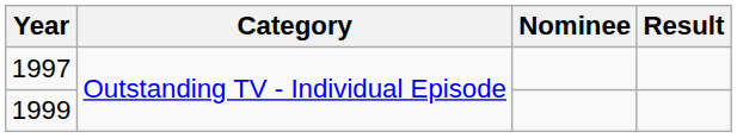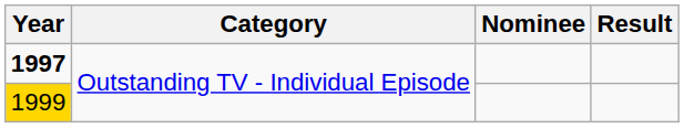 <table class="wikitable">
 <tr>
 <th>Year</th>
 <th>Category</th>
 <th>Nominee</th>
 <th>Result</th>
 </tr>
 <tr>
-<td>1997</td>
+<td><strong>1997</strong></td>
 <td rowspan=2><a href='#'>Outstanding TV - Individual Episode</a></td>
 <td></td>
 <td></td>
 </tr>
 <tr>
-<td>1999</td>
+<td style="background: gold;">1999</td>
 <td></td>
 <td></td>
 </tr>
 </table>
